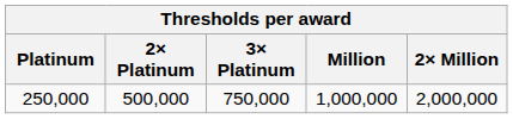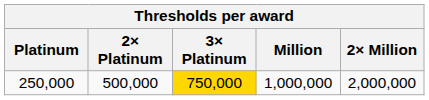 <table class=wikitable>
 <tr>
 <th colspan="5">Thresholds per award</th>
 </tr>
 <tr>
 <th>Platinum</th>
 <th>2× Platinum</th>
 <th>3× Platinum</th>
 <th>Million</th>
 <th>2× Million</th>
 </tr>
 <tr>
 <td align="center" width="80">250,000</td>
 <td align="center" width="80">500,000</td>
-<td align="center" width="80">750,000</td>
+<td align="center" width="80" style="background: gold;">750,000</td>
 <td align="center" width="80">1,000,000</td>
 <td align="center" width="80">2,000,000</td>
 </tr>
 </table>
